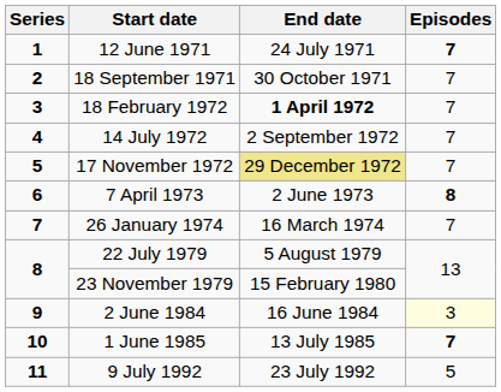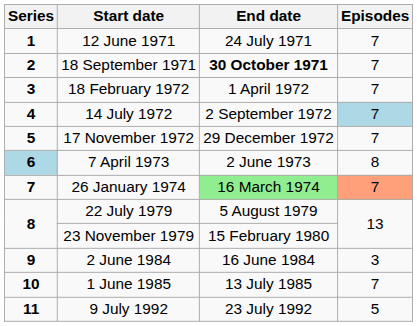 <table class="wikitable" style="text-align:center;">
 <tr>
 <th>Series</th>
 <th>Start date</th>
 <th>End date</th>
 <th>Episodes</th>
 </tr>
 <tr>
 <td><strong>1</strong></td>
 <td>12 June 1971</td>
 <td>24 July 1971</td>
-<td><strong>7</strong></td>
+<td>7</td>
 </tr>
 <tr>
 <td><strong>2</strong></td>
 <td>18 September 1971</td>
-<td>30 October 1971</td>
+<td><strong>30 October 1971</strong></td>
 <td>7</td>
 </tr>
 <tr>
 <td><strong>3</strong></td>
 <td>18 February 1972</td>
-<td><strong>1 April 1972</strong></td>
+<td>1 April 1972</td>
 <td>7</td>
 </tr>
 <tr>
 <td><strong>4</strong></td>
 <td>14 July 1972</td>
 <td>2 September 1972</td>
-<td>7</td>
+<td style="background: lightblue;">7</td>
 </tr>
 <tr>
 <td><strong>5</strong></td>
 <td>17 November 1972</td>
-<td style="background: khaki;">29 December 1972</td>
+<td>29 December 1972</td>
 <td>7</td>
 </tr>
 <tr>
-<td><strong>6</strong></td>
+<td style="background: lightblue;"><strong>6</strong></td>
 <td>7 April 1973</td>
 <td>2 June 1973</td>
-<td><strong>8</strong></td>
+<td>8</td>
 </tr>
 <tr>
 <td><strong>7</strong></td>
 <td>26 January 1974</td>
-<td>16 March 1974</td>
-<td>7</td>
+<td style="background: lightgreen;">16 March 1974</td>
+<td style="background: lightsalmon;">7</td>
 </tr>
 <tr>
 <td rowspan="2"><strong>8</strong></td>
 <td>22 July 1979</td>
 <td>5 August 1979</td>
 <td rowspan="2">13</td>
 </tr>
 <tr>
 <td>23 November 1979</td>
 <td>15 February 1980</td>
 </tr>
 <tr>
 <td><strong>9</strong></td>
 <td>2 June 1984</td>
 <td>16 June 1984</td>
-<td style="background: lightyellow;">3</td>
+<td>3</td>
 </tr>
 <tr>
 <td><strong>10</strong></td>
 <td>1 June 1985</td>
 <td>13 July 1985</td>
-<td><strong>7</strong></td>
+<td>7</td>
 </tr>
 <tr>
 <td><strong>11</strong></td>
 <td>9 July 1992</td>
 <td>23 July 1992</td>
 <td>5</td>
 </tr>
 </table>
